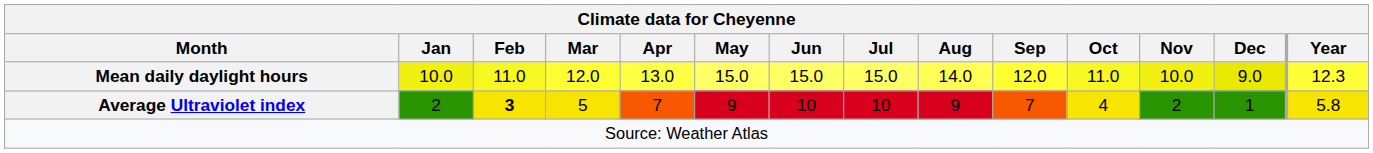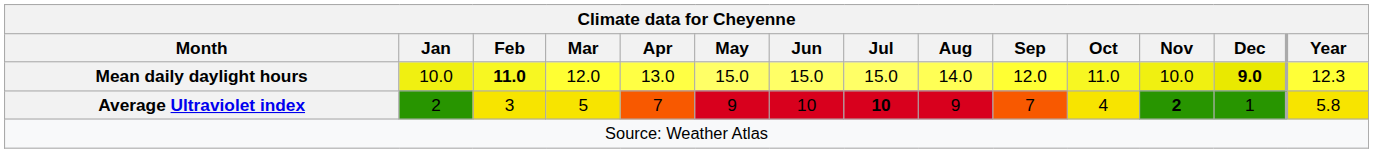 <table style="width:100%;text-align:center;line-height:1.2em;margin-left:auto;margin-right:auto" class="wikitable mw-collapsible">
 <tr>
 <th Colspan=14>Climate data for Cheyenne</th>
 </tr>
 <tr>
 <th>Month</th>
 <th>Jan</th>
 <th>Feb</th>
 <th>Mar</th>
 <th>Apr</th>
 <th>May</th>
 <th>Jun</th>
 <th>Jul</th>
 <th>Aug</th>
 <th>Sep</th>
 <th>Oct</th>
 <th>Nov</th>
 <th>Dec</th>
 <th style="border-left-width:medium">Year</th>
 </tr>
 <tr>
 <th>Mean daily daylight hours</th>
 <td style="background:#F0F011;color:#000000;">10.0</td>
-<td style="background:#F7F722;color:#000000;">11.0</td>
+<td style="background:#F7F722;color:#000000;"><strong>11.0</strong></td>
 <td style="background:#FFFF33;color:#000000;">12.0</td>
 <td style="background:#FFFF44;color:#000000;">13.0</td>
 <td style="background:#FFFF66;color:#000000;">15.0</td>
 <td style="background:#FFFF66;color:#000000;">15.0</td>
 <td style="background:#FFFF66;color:#000000;">15.0</td>
 <td style="background:#FFFF55;color:#000000;">14.0</td>
 <td style="background:#FFFF33;color:#000000;">12.0</td>
 <td style="background:#F7F722;color:#000000;">11.0</td>
 <td style="background:#F0F011;color:#000000;">10.0</td>
-<td style="background:#E9E900;color:#000000;">9.0</td>
+<td style="background:#E9E900;color:#000000;"><strong>9.0</strong></td>
 <td style="background:#FFFF37;color:#000000;border-left-width:medium">12.3</td>
 </tr>
 <tr>
 <th>Average <a href='#'>Ultraviolet index</a></th>
 <td style="background:#289500;color:#000000;">2</td>
-<td style="background:#f7e400;color:#000000;"><strong>3</strong></td>
+<td style="background:#f7e400;color:#000000;">3</td>
 <td style="background:#f7e400;color:#000000;">5</td>
 <td style="background:#f85900;color:#000000;">7</td>
 <td style="background:#d8001d;color:#000000;">9</td>
 <td style="background:#d8001d;color:#000000;">10</td>
-<td style="background:#d8001d;color:#000000;">10</td>
+<td style="background:#d8001d;color:#000000;"><strong>10</strong></td>
 <td style="background:#d8001d;color:#000000;">9</td>
 <td style="background:#f85900;color:#000000;">7</td>
 <td style="background:#f7e400;color:#000000;">4</td>
-<td style="background:#289500;color:#000000;">2</td>
+<td style="background:#289500;color:#000000;"><strong>2</strong></td>
 <td style="background:#289500;color:#000000;">1</td>
 <td style="background:#f7e400;color:#000000;border-left-width:medium">5.8</td>
 </tr>
 <tr>
 <th Colspan=14 style="background:#f8f9fa;font-weight:normal;font-size:95%;">Source: Weather Atlas</th>
 </tr>
 </table>
